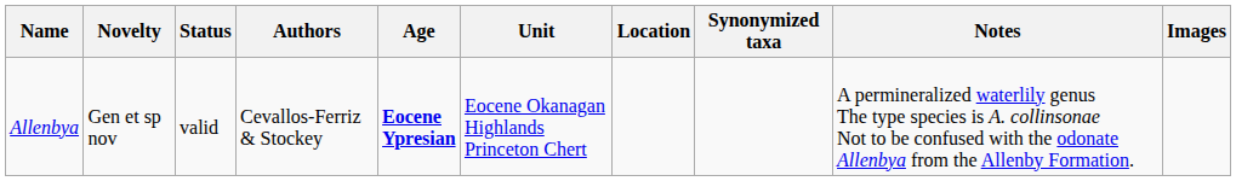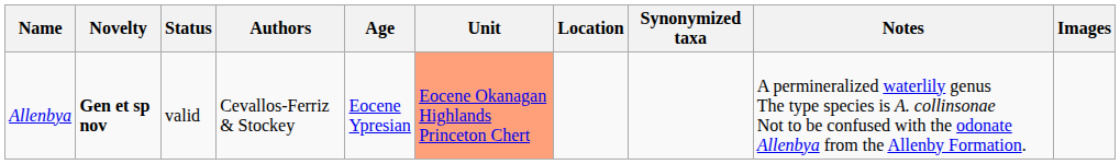 <table class="wikitable sortable" align="center" width="80%">
 <tr>
 <th>Name</th>
 <th>Novelty</th>
 <th>Status</th>
 <th>Authors</th>
 <th>Age</th>
 <th>Unit</th>
 <th>Location</th>
 <th>Synonymized taxa</th>
 <th>Notes</th>
 <th>Images</th>
 </tr>
 <tr>
 <td><br><em><a href='#'>Allenbya</a></em></td>
-<td><br>Gen et sp nov</td>
+<td><strong><br>Gen et sp nov</strong></td>
 <td><br>valid</td>
 <td><br>Cevallos-Ferriz & Stockey</td>
-<td><strong><br><a href='#'>Eocene</a><br><a href='#'>Ypresian</a></strong></td>
-<td><br><a href='#'>Eocene Okanagan Highlands</a><br><a href='#'>Princeton Chert</a></td>
+<td><br><a href='#'>Eocene</a><br><a href='#'>Ypresian</a></td>
+<td style="background: lightsalmon;"><br><a href='#'>Eocene Okanagan Highlands</a><br><a href='#'>Princeton Chert</a></td>
 <td><br><br></td>
 <td></td>
 <td><br>A permineralized <a href='#'>waterlily</a> genus<br>The type species is <em>A. collinsonae</em><br> Not to be confused with the <a href='#'>odonate</a> <em><a href='#'>Allenbya</a></em> from the <a href='#'>Allenby Formation</a>.</td>
 <td></td>
 </tr>
 <tr>
 </tr>
 </table>
